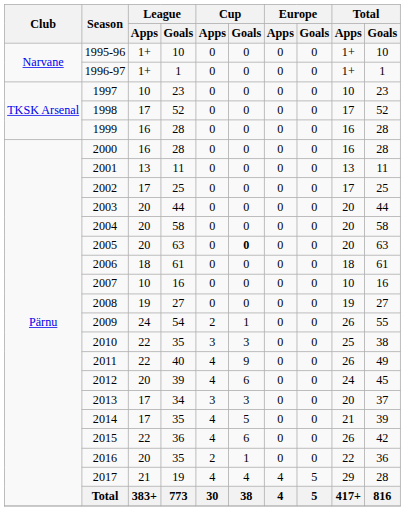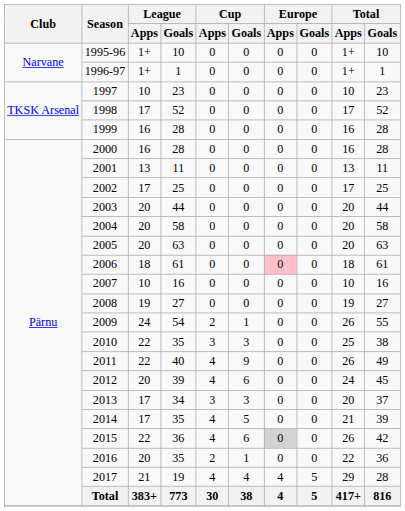 <table class="wikitable" style="font-size:100%; text-align: center;">
 <tr>
 <th rowspan=2>Club</th>
 <th rowspan=2>Season</th>
 <th colspan=2>League</th>
 <th colspan=2>Cup</th>
 <th colspan=2>Europe</th>
 <th colspan=2>Total</th>
 </tr>
 <tr>
 <th>Apps</th>
 <th>Goals</th>
 <th>Apps</th>
 <th>Goals</th>
 <th>Apps</th>
 <th>Goals</th>
 <th>Apps</th>
 <th>Goals</th>
 </tr>
 <tr>
 <td rowspan=2><a href='#'>Narvane</a></td>
 <td>1995-96</td>
 <td>1+</td>
 <td>10</td>
 <td>0</td>
 <td>0</td>
 <td>0</td>
 <td>0</td>
 <td>1+</td>
 <td>10</td>
 </tr>
 <tr>
 <td>1996-97</td>
 <td>1+</td>
 <td>1</td>
 <td>0</td>
 <td>0</td>
 <td>0</td>
 <td>0</td>
 <td>1+</td>
 <td>1</td>
 </tr>
 <tr>
 <td rowspan=3><a href='#'>TKSK Arsenal</a></td>
 <td>1997</td>
 <td>10</td>
 <td>23</td>
 <td>0</td>
 <td>0</td>
 <td>0</td>
 <td>0</td>
 <td>10</td>
 <td>23</td>
 </tr>
 <tr>
 <td>1998</td>
 <td>17</td>
 <td>52</td>
 <td>0</td>
 <td>0</td>
 <td>0</td>
 <td>0</td>
 <td>17</td>
 <td>52</td>
 </tr>
 <tr>
 <td>1999</td>
 <td>16</td>
 <td>28</td>
 <td>0</td>
 <td>0</td>
 <td>0</td>
 <td>0</td>
 <td>16</td>
 <td>28</td>
 </tr>
 <tr>
 <td rowspan=19><a href='#'>Pärnu</a></td>
 <td>2000</td>
 <td>16</td>
 <td>28</td>
 <td>0</td>
 <td>0</td>
 <td>0</td>
 <td>0</td>
 <td>16</td>
 <td>28</td>
 </tr>
 <tr>
 <td>2001</td>
 <td>13</td>
 <td>11</td>
 <td>0</td>
 <td>0</td>
 <td>0</td>
 <td>0</td>
 <td>13</td>
 <td>11</td>
 </tr>
 <tr>
 <td>2002</td>
 <td>17</td>
 <td>25</td>
 <td>0</td>
 <td>0</td>
 <td>0</td>
 <td>0</td>
 <td>17</td>
 <td>25</td>
 </tr>
 <tr>
 <td>2003</td>
 <td>20</td>
 <td>44</td>
 <td>0</td>
 <td>0</td>
 <td>0</td>
 <td>0</td>
 <td>20</td>
 <td>44</td>
 </tr>
 <tr>
 <td>2004</td>
 <td>20</td>
 <td>58</td>
 <td>0</td>
 <td>0</td>
 <td>0</td>
 <td>0</td>
 <td>20</td>
 <td>58</td>
 </tr>
 <tr>
 <td>2005</td>
 <td>20</td>
 <td>63</td>
 <td>0</td>
-<td><strong>0</strong></td>
+<td>0</td>
 <td>0</td>
 <td>0</td>
 <td>20</td>
 <td>63</td>
 </tr>
 <tr>
 <td>2006</td>
 <td>18</td>
 <td>61</td>
 <td>0</td>
 <td>0</td>
-<td>0</td>
+<td style="background: pink;">0</td>
 <td>0</td>
 <td>18</td>
 <td>61</td>
 </tr>
 <tr>
 <td>2007</td>
 <td>10</td>
 <td>16</td>
 <td>0</td>
 <td>0</td>
 <td>0</td>
 <td>0</td>
 <td>10</td>
 <td>16</td>
 </tr>
 <tr>
 <td>2008</td>
 <td>19</td>
 <td>27</td>
 <td>0</td>
 <td>0</td>
 <td>0</td>
 <td>0</td>
 <td>19</td>
 <td>27</td>
 </tr>
 <tr>
 <td>2009</td>
 <td>24</td>
 <td>54</td>
 <td>2</td>
 <td>1</td>
 <td>0</td>
 <td>0</td>
 <td>26</td>
 <td>55</td>
 </tr>
 <tr>
 <td>2010</td>
 <td>22</td>
 <td>35</td>
 <td>3</td>
 <td>3</td>
 <td>0</td>
 <td>0</td>
 <td>25</td>
 <td>38</td>
 </tr>
 <tr>
 <td>2011</td>
 <td>22</td>
 <td>40</td>
 <td>4</td>
 <td>9</td>
 <td>0</td>
 <td>0</td>
 <td>26</td>
 <td>49</td>
 </tr>
 <tr>
 <td>2012</td>
 <td>20</td>
 <td>39</td>
 <td>4</td>
 <td>6</td>
 <td>0</td>
 <td>0</td>
 <td>24</td>
 <td>45</td>
 </tr>
 <tr>
 <td>2013</td>
 <td>17</td>
 <td>34</td>
 <td>3</td>
 <td>3</td>
 <td>0</td>
 <td>0</td>
 <td>20</td>
 <td>37</td>
 </tr>
 <tr>
 <td>2014</td>
 <td>17</td>
 <td>35</td>
 <td>4</td>
 <td>5</td>
 <td>0</td>
 <td>0</td>
 <td>21</td>
 <td>39</td>
 </tr>
 <tr>
 <td>2015</td>
 <td>22</td>
 <td>36</td>
 <td>4</td>
 <td>6</td>
-<td>0</td>
+<td style="background: lightgrey;">0</td>
 <td>0</td>
 <td>26</td>
 <td>42</td>
 </tr>
 <tr>
 <td>2016</td>
 <td>20</td>
 <td>35</td>
 <td>2</td>
 <td>1</td>
 <td>0</td>
 <td>0</td>
 <td>22</td>
 <td>36</td>
 </tr>
 <tr>
 <td>2017</td>
 <td>21</td>
 <td>19</td>
 <td>4</td>
 <td>4</td>
 <td>4</td>
 <td>5</td>
 <td>29</td>
 <td>28</td>
 </tr>
 <tr>
 <th>Total</th>
 <th>383+</th>
 <th>773</th>
 <th>30</th>
 <th>38</th>
 <th>4</th>
 <th>5</th>
 <th>417+</th>
 <th>816</th>
 </tr>
 <tr>
 </tr>
 </table>
